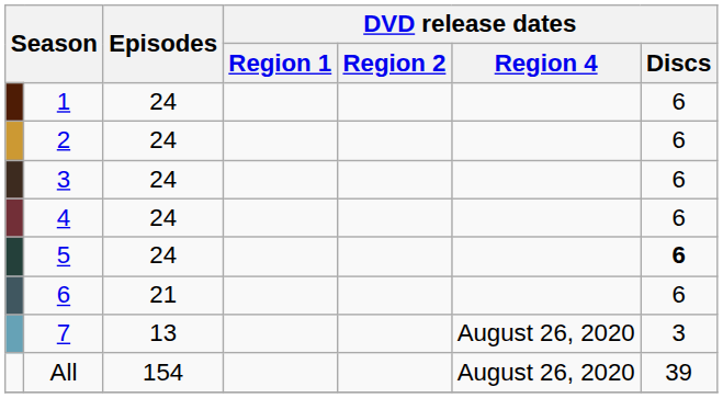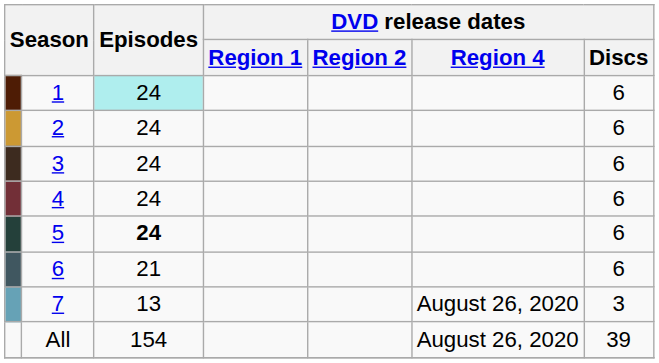 <table class="wikitable plainrowheaders" style="text-align: center;">
 <tr>
 <th scope="col" rowspan="2" colspan=2>Season</th>
 <th scope="col" rowspan="2">Episodes</th>
 <th scope="col" colspan="4"><a href='#'>DVD</a> release dates</th>
 </tr>
 <tr>
 <th scope="col"><a href='#'>Region 1</a></th>
 <th scope="col"><a href='#'>Region 2</a></th>
 <th scope="col"><a href='#'>Region 4</a></th>
 <th scope="col">Discs</th>
 </tr>
 <tr>
 <td style="width:5px; background:#4E1C05"></td>
 <td scope="row"><a href='#'>1</a></td>
-<td>24</td>
+<td style="background: paleturquoise;">24</td>
 <td></td>
 <td></td>
 <td></td>
 <td>6</td>
 </tr>
 <tr>
 <td bgcolor="#cc9933"></td>
 <td scope="row"><a href='#'>2</a></td>
 <td>24</td>
 <td></td>
 <td></td>
 <td></td>
 <td>6</td>
 </tr>
 <tr>
 <td bgcolor="#3d2b1f"></td>
 <td scope="row"><a href='#'>3</a></td>
 <td>24</td>
 <td></td>
 <td></td>
 <td></td>
 <td>6</td>
 </tr>
 <tr>
 <td bgcolor="#722f37"></td>
 <td scope="row"><a href='#'>4</a></td>
 <td>24</td>
 <td></td>
 <td></td>
 <td></td>
 <td>6</td>
 </tr>
 <tr>
 <td bgcolor="#24403a"></td>
 <td scope="row"><a href='#'>5</a></td>
-<td>24</td>
+<td><strong>24</strong></td>
 <td></td>
 <td></td>
 <td></td>
-<td><strong>6</strong></td>
+<td>6</td>
 </tr>
 <tr>
 <td bgcolor="#405760"></td>
 <td scope="row"><a href='#'>6</a></td>
 <td>21</td>
 <td></td>
 <td></td>
 <td></td>
 <td>6</td>
 </tr>
 <tr>
 <td bgcolor="#66A2B6"></td>
 <td scope="row"><a href='#'>7</a></td>
 <td>13</td>
 <td></td>
 <td></td>
 <td>August 26, 2020</td>
 <td>3</td>
 </tr>
 <tr>
 <td></td>
 <td scope="row">All</td>
 <td>154</td>
 <td></td>
 <td></td>
 <td>August 26, 2020</td>
 <td>39</td>
 </tr>
 <tr>
 </tr>
 </table>
